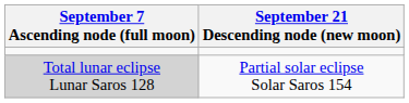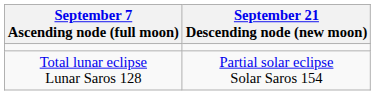 <table class="wikitable">
 <tr>
 <th><a href='#'>September 7</a><br>Ascending node (full moon)<br></th>
 <th><a href='#'>September 21</a><br>Descending node (new moon)<br></th>
 </tr>
 <tr>
 <td></td>
 <td></td>
 </tr>
 <tr align=center>
-<td style="background: lightgrey;"><a href='#'>Total lunar eclipse</a><br>Lunar Saros 128</td>
+<td><a href='#'>Total lunar eclipse</a><br>Lunar Saros 128</td>
 <td><a href='#'>Partial solar eclipse</a><br>Solar Saros 154</td>
 </tr>
 </table>
